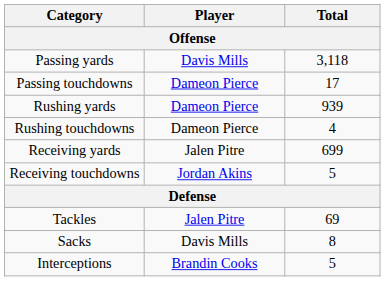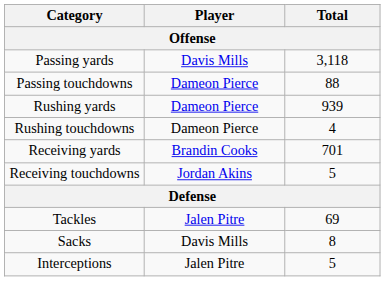 <table class="wikitable" style="text-align:center">
 <tr>
 <th width="150">Category</th>
 <th width="150">Player</th>
 <th width="100">Total</th>
 </tr>
 <tr>
 <th align="center" colspan="4">Offense</th>
 </tr>
 <tr>
 <td>Passing yards</td>
 <td><a href='#'>Davis Mills</a></td>
 <td>3,118</td>
 </tr>
 <tr>
 <td>Passing touchdowns</td>
 <td><a href='#'>Dameon Pierce</a></td>
-<td>17</td>
+<td>88</td>
 </tr>
 <tr>
 <td>Rushing yards</td>
 <td><a href='#'>Dameon Pierce</a></td>
 <td>939</td>
 </tr>
 <tr>
 <td>Rushing touchdowns</td>
 <td>Dameon Pierce</td>
 <td>4</td>
 </tr>
 <tr>
 <td>Receiving yards</td>
-<td>Jalen Pitre</td>
-<td>699</td>
+<td><a href='#'>Brandin Cooks</a></td>
+<td>701</td>
 </tr>
 <tr>
 <td>Receiving touchdowns</td>
 <td><a href='#'>Jordan Akins</a></td>
 <td>5</td>
 </tr>
 <tr>
 <th align="center" colspan="4">Defense</th>
 </tr>
 <tr>
 <td>Tackles </td>
 <td><a href='#'>Jalen Pitre</a></td>
 <td>69</td>
 </tr>
 <tr>
 <td>Sacks</td>
 <td>Davis Mills</td>
 <td>8</td>
 </tr>
 <tr>
 <td>Interceptions</td>
-<td><a href='#'>Brandin Cooks</a></td>
+<td>Jalen Pitre</td>
 <td>5</td>
 </tr>
 </table>
